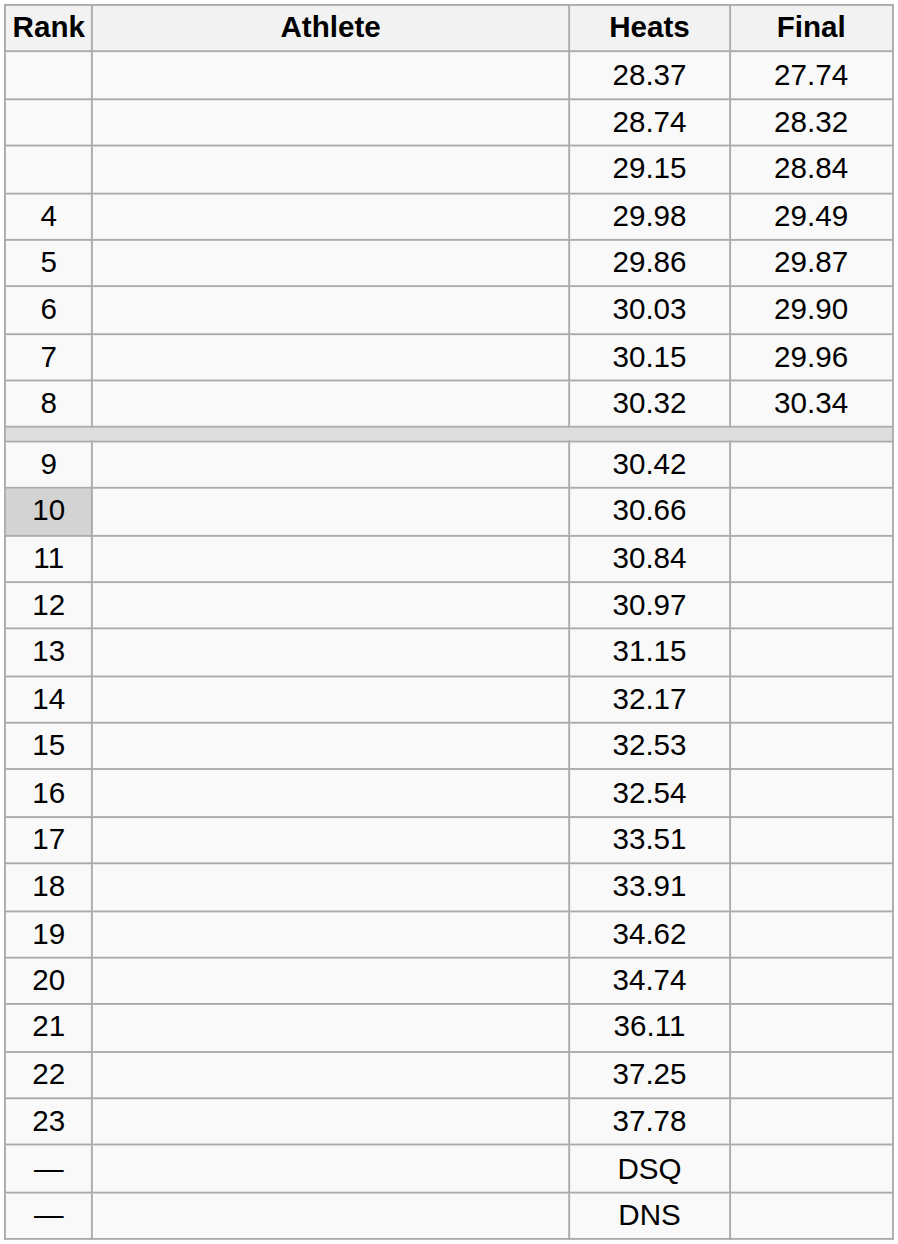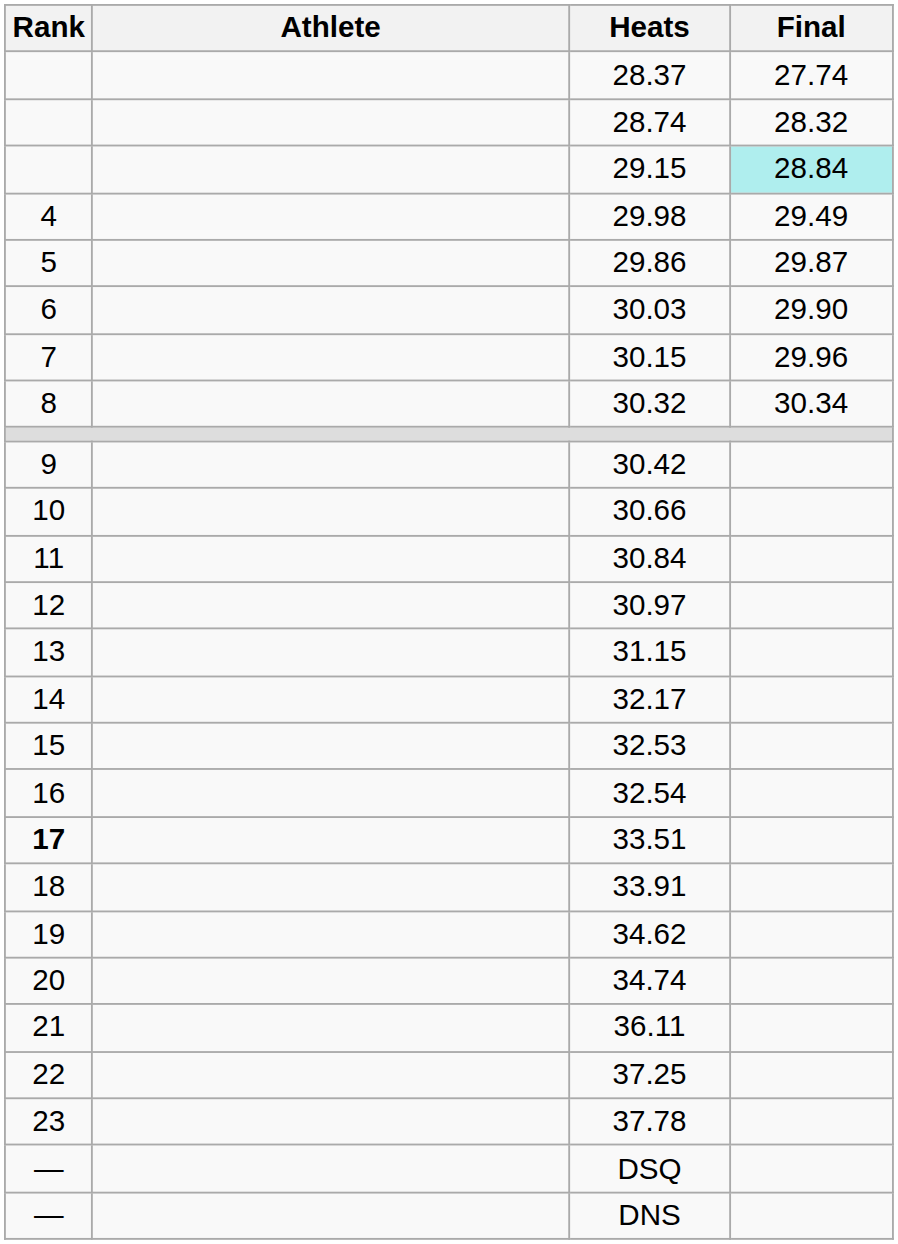 <table class=wikitable style="text-align:center">
 <tr>
 <th width=40>Rank</th>
 <th width=250>Athlete</th>
 <th width=80>Heats</th>
 <th width=80>Final</th>
 </tr>
 <tr>
 <td></td>
 <td align=left></td>
 <td>28.37</td>
 <td>27.74</td>
 </tr>
 <tr>
 <td></td>
 <td align=left></td>
 <td>28.74</td>
 <td>28.32</td>
 </tr>
 <tr>
 <td></td>
 <td align=left></td>
 <td>29.15</td>
-<td>28.84</td>
+<td style="background: paleturquoise;">28.84</td>
 </tr>
 <tr>
 <td>4</td>
 <td align=left></td>
 <td>29.98</td>
 <td>29.49</td>
 </tr>
 <tr>
 <td>5</td>
 <td align=left></td>
 <td>29.86</td>
 <td>29.87</td>
 </tr>
 <tr>
 <td>6</td>
 <td align=left></td>
 <td>30.03</td>
 <td>29.90</td>
 </tr>
 <tr>
 <td>7</td>
 <td align=left></td>
 <td>30.15</td>
 <td>29.96</td>
 </tr>
 <tr>
 <td>8</td>
 <td align=left></td>
 <td>30.32</td>
 <td>30.34</td>
 </tr>
 <tr bgcolor=#DDDDDD>
 <td colspan=4></td>
 </tr>
 <tr>
 <td>9</td>
 <td align=left></td>
 <td>30.42</td>
 <td></td>
 </tr>
 <tr>
-<td style="background: lightgrey;">10</td>
+<td>10</td>
 <td align=left></td>
 <td>30.66</td>
 <td></td>
 </tr>
 <tr>
 <td>11</td>
 <td align=left></td>
 <td>30.84</td>
 <td></td>
 </tr>
 <tr>
 <td>12</td>
 <td align=left></td>
 <td>30.97</td>
 <td></td>
 </tr>
 <tr>
 <td>13</td>
 <td align=left></td>
 <td>31.15</td>
 <td></td>
 </tr>
 <tr>
 <td>14</td>
 <td align=left></td>
 <td>32.17</td>
 <td></td>
 </tr>
 <tr>
 <td>15</td>
 <td align=left></td>
 <td>32.53</td>
 <td></td>
 </tr>
 <tr>
 <td>16</td>
 <td align=left></td>
 <td>32.54</td>
 <td></td>
 </tr>
 <tr>
-<td>17</td>
+<td><strong>17</strong></td>
 <td align=left></td>
 <td>33.51</td>
 <td></td>
 </tr>
 <tr>
 <td>18</td>
 <td align=left></td>
 <td>33.91</td>
 <td></td>
 </tr>
 <tr>
 <td>19</td>
 <td align=left></td>
 <td>34.62</td>
 <td></td>
 </tr>
 <tr>
 <td>20</td>
 <td align=left></td>
 <td>34.74</td>
 <td></td>
 </tr>
 <tr>
 <td>21</td>
 <td align=left></td>
 <td>36.11</td>
 <td></td>
 </tr>
 <tr>
 <td>22</td>
 <td align=left></td>
 <td>37.25</td>
 <td></td>
 </tr>
 <tr>
 <td>23</td>
 <td align=left></td>
 <td>37.78</td>
 <td></td>
 </tr>
 <tr>
 <td>—</td>
 <td align=left></td>
 <td>DSQ</td>
 <td></td>
 </tr>
 <tr>
 <td>—</td>
 <td align=left></td>
 <td>DNS</td>
 <td></td>
 </tr>
 </table>
